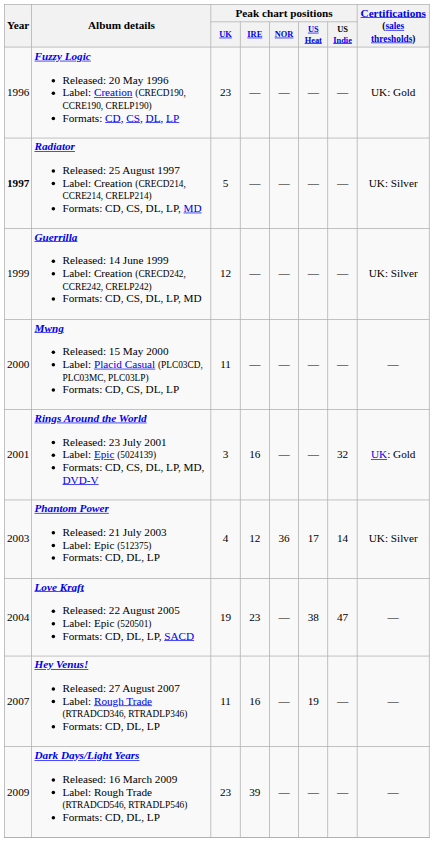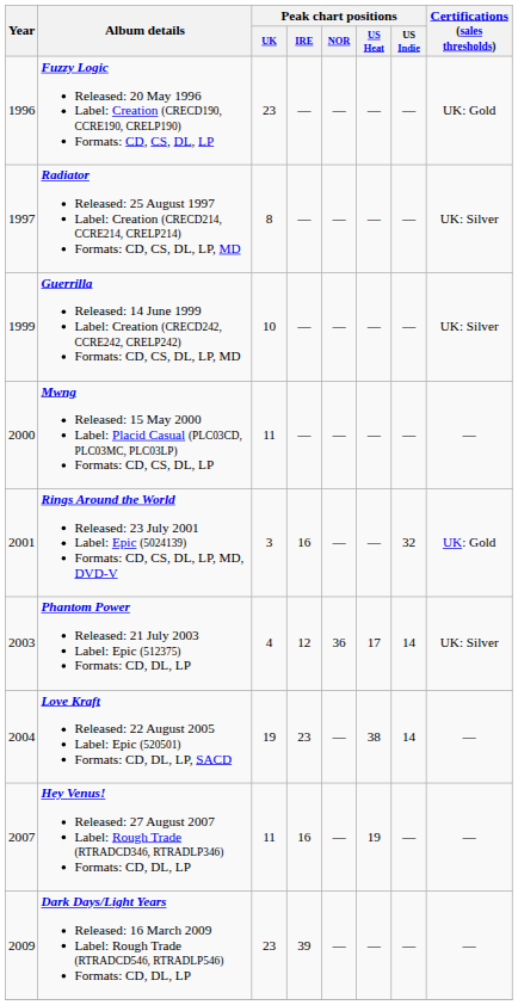 <table class="wikitable" border="1">
 <tr>
 <th rowspan="2">Year</th>
 <th rowspan="2">Album details</th>
 <th colspan="5">Peak chart positions</th>
 <th rowspan="2"><a href='#'>Certifications</a><br><small>(<a href='#'>sales thresholds</a>)</small></th>
 </tr>
 <tr>
 <th style="width:3em;font-size:75%;"><a href='#'>UK</a><br></th>
 <th style="width:3em;font-size:75%;"><a href='#'>IRE</a><br></th>
 <th style="width:3em;font-size:75%;"><a href='#'>NOR</a><br></th>
 <th style="width:3em;font-size:75%;"><a href='#'>US</a> <a href='#'>Heat</a><br></th>
 <th style="width:3em;font-size:75%;">US <a href='#'>Indie</a><br></th>
 </tr>
 <tr>
 <td>1996</td>
 <td><strong><em><a href='#'>Fuzzy Logic</a></em></strong><br><ul><li>Released: 20 May 1996</li><li>Label: <a href='#'>Creation</a> <small>(CRECD190, CCRE190, CRELP190)</small></li><li>Formats: <a href='#'>CD</a>, <a href='#'>CS</a>, <a href='#'>DL</a>, <a href='#'>LP</a></li></ul></td>
 <td align="center">23</td>
 <td align="center">—</td>
 <td align="center">—</td>
 <td align="center">—</td>
 <td align="center">—</td>
 <td align="center">UK: Gold</td>
 </tr>
 <tr>
-<td><strong>1997</strong></td>
+<td>1997</td>
 <td><strong><em><a href='#'>Radiator</a></em></strong><br><ul><li>Released: 25 August 1997</li><li>Label: Creation <small>(CRECD214, CCRE214, CRELP214)</small></li><li>Formats: CD, CS, DL, LP, <a href='#'>MD</a></li></ul></td>
-<td align="center">5</td>
+<td align="center">8</td>
 <td align="center">—</td>
 <td align="center">—</td>
 <td align="center">—</td>
 <td align="center">—</td>
 <td align="center">UK: Silver</td>
 </tr>
 <tr>
 <td>1999</td>
 <td><strong><em><a href='#'>Guerrilla</a></em></strong><br><ul><li>Released: 14 June 1999</li><li>Label: Creation <small>(CRECD242, CCRE242, CRELP242)</small></li><li>Formats: CD, CS, DL, LP, MD</li></ul></td>
-<td align="center">12</td>
+<td align="center">10</td>
 <td align="center">—</td>
 <td align="center">—</td>
 <td align="center">—</td>
 <td align="center">—</td>
 <td align="center">UK: Silver</td>
 </tr>
 <tr>
 <td>2000</td>
 <td><strong><em><a href='#'>Mwng</a></em></strong><br><ul><li>Released: 15 May 2000</li><li>Label: <a href='#'>Placid Casual</a> <small>(PLC03CD, PLC03MC, PLC03LP)</small></li><li>Formats: CD, CS, DL, LP</li></ul></td>
 <td align="center">11</td>
 <td align="center">—</td>
 <td align="center">—</td>
 <td align="center">—</td>
 <td align="center">—</td>
 <td align="center">—</td>
 </tr>
 <tr>
 <td>2001</td>
 <td><strong><em><a href='#'>Rings Around the World</a></em></strong><br><ul><li>Released: 23 July 2001</li><li>Label: <a href='#'>Epic</a> <small>(5024139)</small></li><li>Formats: CD, CS, DL, LP, MD, <a href='#'>DVD-V</a></li></ul></td>
 <td align="center">3</td>
 <td align="center">16</td>
 <td align="center">—</td>
 <td align="center">—</td>
 <td align="center">32</td>
 <td align="center"><a href='#'>UK</a>: Gold</td>
 </tr>
 <tr>
 <td>2003</td>
 <td><strong><em><a href='#'>Phantom Power</a></em></strong><br><ul><li>Released: 21 July 2003</li><li>Label: Epic <small>(512375)</small></li><li>Formats: CD, DL, LP</li></ul></td>
 <td align="center">4</td>
 <td align="center">12</td>
 <td align="center">36</td>
 <td align="center">17</td>
 <td align="center">14</td>
 <td align="center">UK: Silver</td>
 </tr>
 <tr>
 <td>2004</td>
 <td><strong><em><a href='#'>Love Kraft</a></em></strong><br><ul><li>Released: 22 August 2005</li><li>Label: Epic <small>(520501)</small></li><li>Formats: CD, DL, LP, <a href='#'>SACD</a></li></ul></td>
 <td align="center">19</td>
 <td align="center">23</td>
 <td align="center">—</td>
 <td align="center">38</td>
-<td align="center">47</td>
+<td align="center">14</td>
 <td align="center">—</td>
 </tr>
 <tr>
 <td>2007</td>
 <td><strong><em><a href='#'>Hey Venus!</a></em></strong><br><ul><li>Released: 27 August 2007</li><li>Label: <a href='#'>Rough Trade</a> <small>(RTRADCD346, RTRADLP346)</small></li><li>Formats: CD, DL, LP</li></ul></td>
 <td align="center">11</td>
 <td align="center">16</td>
 <td align="center">—</td>
 <td align="center">19</td>
 <td align="center">—</td>
 <td align="center">—</td>
 </tr>
 <tr>
 <td>2009</td>
 <td><strong><em><a href='#'>Dark Days/Light Years</a></em></strong><br><ul><li>Released: 16 March 2009</li><li>Label: Rough Trade <small>(RTRADCD546, RTRADLP546)</small></li><li>Formats: CD, DL, LP</li></ul></td>
 <td align="center">23</td>
 <td align="center">39</td>
 <td align="center">—</td>
 <td align="center">—</td>
 <td align="center">—</td>
 <td align="center">—</td>
 </tr>
 <tr>
 </tr>
 </table>
